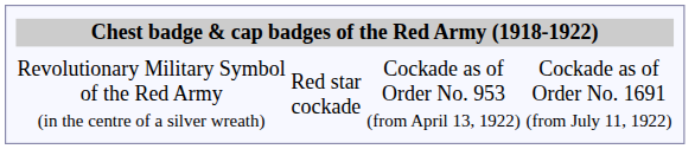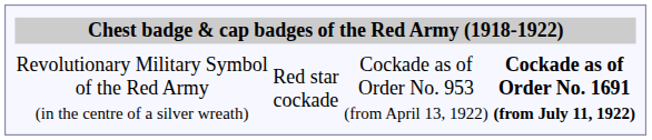 <table style="border:1px solid #8888aa; background-color:#f7f8ff; padding:5px; font-size:95%; margin: 0px 12px 12px 0px; text-align:center">
 <tr>
 </tr>
 <tr bgcolor="#CCCCCC">
 <th colspan="4"><strong>Chest badge & cap badges of the Red Army (1918-1922)</strong></th>
 </tr>
 <tr>
 <th></th>
 <th></th>
 <th></th>
 <td></td>
 </tr>
 <tr>
 <td>Revolutionary Military Symbol<br>of the Red Army<br><small>(in the centre of a silver wreath)</small></td>
 <td>Red star<br>cockade</td>
 <td>Cockade as of<br>Order No. 953<br><small>(from April 13, 1922)</small></td>
-<td>Cockade as of<br>Order No. 1691<br><small>(from July 11, 1922)</small></td>
+<td><strong>Cockade as of<br>Order No. 1691<br><small>(from July 11, 1922)</small></strong></td>
 </tr>
 </table>
